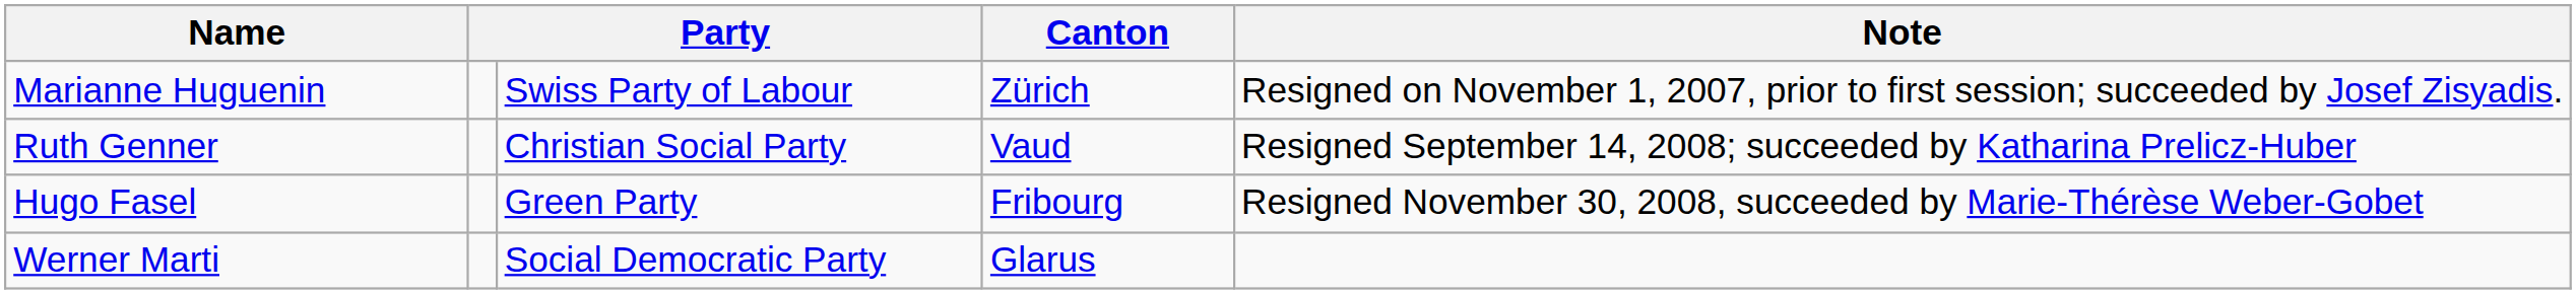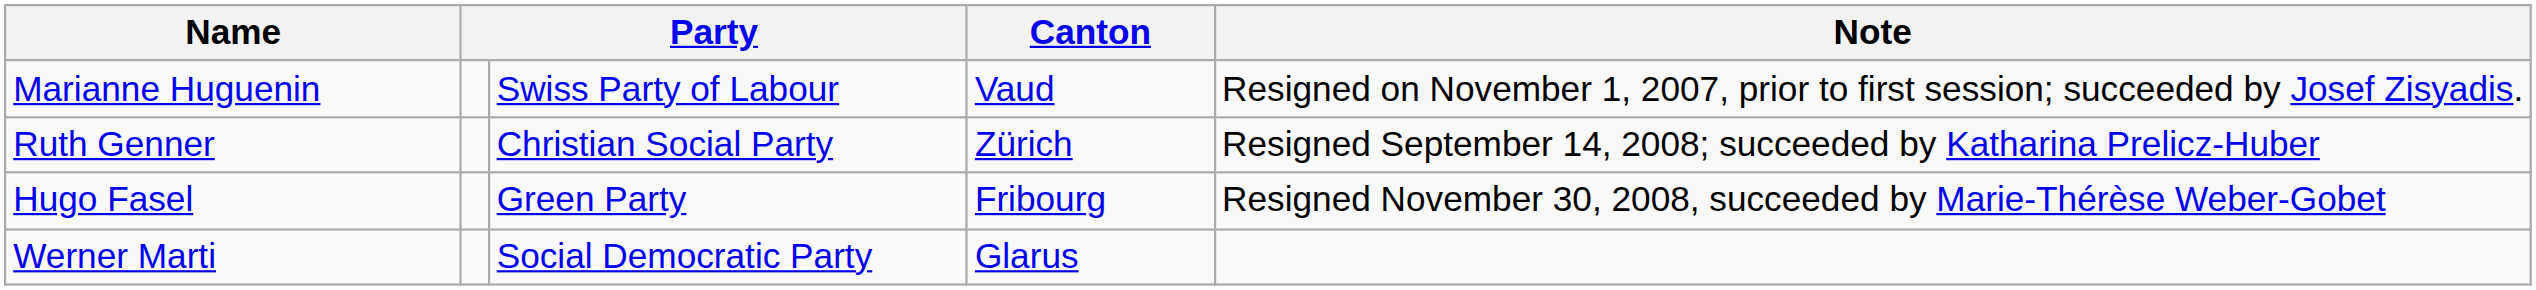 <table class="wikitable sortable">
 <tr>
 <th width=200px>Name</th>
 <th colspan=2><a href='#'>Party</a></th>
 <th width=105px><a href='#'>Canton</a></th>
 <th>Note</th>
 </tr>
 <tr>
 <td><a href='#'>Marianne Huguenin</a></td>
 <td width=5px style="background-color: "></td>
 <td width=210px><a href='#'>Swiss Party of Labour</a></td>
-<td><a href='#'>Zürich</a></td>
+<td><a href='#'>Vaud</a></td>
 <td>Resigned on November 1, 2007, prior to first session; succeeded by <a href='#'>Josef Zisyadis</a>.</td>
 </tr>
 <tr>
 <td><a href='#'>Ruth Genner</a></td>
 <td style="background-color: "></td>
 <td><a href='#'>Christian Social Party</a></td>
-<td><a href='#'>Vaud</a></td>
+<td><a href='#'>Zürich</a></td>
 <td>Resigned September 14, 2008; succeeded by <a href='#'>Katharina Prelicz-Huber</a></td>
 </tr>
 <tr>
 <td><a href='#'>Hugo Fasel</a></td>
 <td style="background-color: "></td>
 <td><a href='#'>Green Party</a></td>
 <td><a href='#'>Fribourg</a></td>
 <td>Resigned November 30, 2008, succeeded by <a href='#'>Marie-Thérèse Weber-Gobet</a></td>
 </tr>
 <tr>
 <td><a href='#'>Werner Marti</a></td>
 <td style="background-color: "></td>
 <td><a href='#'>Social Democratic Party</a></td>
 <td><a href='#'>Glarus</a></td>
 <td></td>
 </tr>
 </table>
